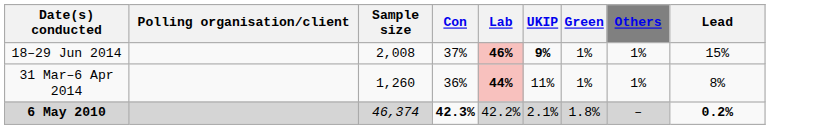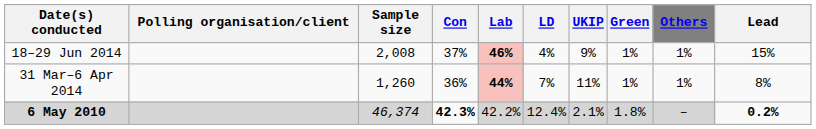 <table class="wikitable sortable" style="text-align:center;font-size:90%;line-height:14px">
 <tr>
 <th ! style="width:105px;">Date(s)<br>conducted</th>
 <th style="width:200px;">Polling organisation/client</th>
 <th class="unsortable" style="width:60px;">Sample size</th>
 <th class="unsortable" style="background:"><a href='#'><span>Con</span></a></th>
 <th class="unsortable" style="background:"><a href='#'><span>Lab</span></a></th>
+<th class="unsortable" style="background:"><a href='#'><span>LD</span></a></th>
 <th class="unsortable" style="background:"><a href='#'><span>UKIP</span></a></th>
 <th class="unsortable" style="background:"><a href='#'><span>Green</span></a></th>
 <th class="unsortable" style="background:gray; width:50px;"><a href='#'><span>Others</span></a></th>
 <th class="unsortable" style="width:80px;">Lead</th>
 </tr>
 <tr>
 <td>18–29 Jun 2014</td>
 <td> </td>
 <td>2,008</td>
 <td>37%</td>
 <td style="background:#F8C1BE"><strong>46%</strong></td>
-<td><strong>9%</strong></td>
+<td>4%</td>
+<td>9%</td>
 <td>1%</td>
 <td>1%</td>
 <td style="background:">15%</td>
 </tr>
 <tr>
 <td>31 Mar–6 Apr 2014</td>
 <td> </td>
 <td>1,260</td>
 <td>36%</td>
 <td style="background:#F8C1BE"><strong>44%</strong></td>
+<td>7%</td>
 <td>11%</td>
 <td>1%</td>
 <td>1%</td>
 <td style="background:">8%</td>
 </tr>
 <tr>
 <td style="background:#D5D5D5"><strong>6 May 2010</strong></td>
 <td style="background:#D5D5D5"></td>
 <td style="background:#D5D5D5"><em>46,374</em></td>
 <td style="background:"><strong>42.3%</strong></td>
 <td style="background:#D5D5D5">42.2%</td>
+<td style="background:#D5D5D5">12.4%</td>
 <td style="background:#D5D5D5">2.1%</td>
 <td style="background:#D5D5D5">1.8%</td>
 <td style="background:#D5D5D5">–</td>
 <td style="background:"><strong>0.2% </strong></td>
 </tr>
 </table>
